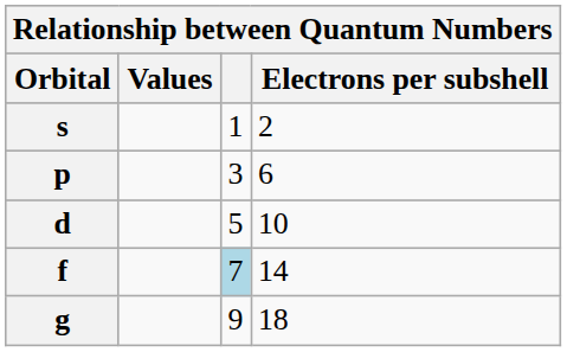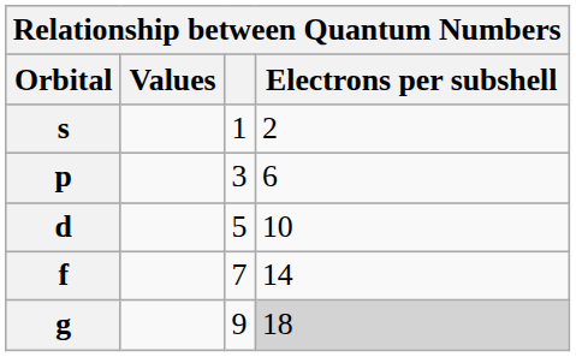 <table class="wikitable">
 <tr>
 <th colspan="4"><strong>Relationship between Quantum Numbers</strong></th>
 </tr>
 <tr>
 <th>Orbital</th>
 <th>Values</th>
 <th></th>
 <th>Electrons per subshell</th>
 </tr>
 <tr>
 <th>s</th>
 <td></td>
 <td>1</td>
 <td>2</td>
 </tr>
 <tr>
 <th>p</th>
 <td></td>
 <td>3</td>
 <td>6</td>
 </tr>
 <tr>
 <th>d</th>
 <td></td>
 <td>5</td>
 <td>10</td>
 </tr>
 <tr>
 <th>f</th>
 <td></td>
-<td style="background: lightblue;">7</td>
+<td>7</td>
 <td>14</td>
 </tr>
 <tr>
 <th>g</th>
 <td></td>
 <td>9</td>
-<td>18</td>
+<td style="background: lightgrey;">18</td>
 </tr>
 </table>
